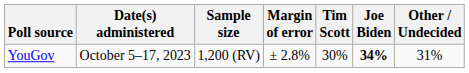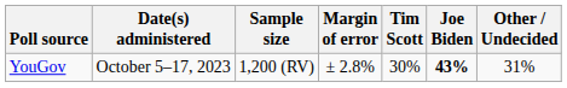 <table class="wikitable sortable mw-datatable" style="font-size:90%;text-align:center;line-height:17px">
 <tr style="vertical-align:bottom">
 <th>Poll source</th>
 <th>Date(s)<br>administered</th>
 <th>Sample<br>size</th>
 <th>Margin<br>of error</th>
 <th class="unsortable">Tim<br>Scott<br></th>
 <th class="unsortable">Joe<br>Biden<br></th>
 <th class="unsortable">Other /<br>Undecided</th>
 </tr>
 <tr>
 <td style="text-align:left;"><a href='#'>YouGov</a></td>
 <td data-sort-value="2023-05-17">October 5–17, 2023</td>
 <td>1,200 (RV)</td>
 <td>± 2.8%</td>
 <td>30%</td>
-<td style="color:black;background-color:"><strong>34%</strong></td>
+<td style="color:black;background-color:"><strong>43%</strong></td>
 <td>31%</td>
 </tr>
 </table>
